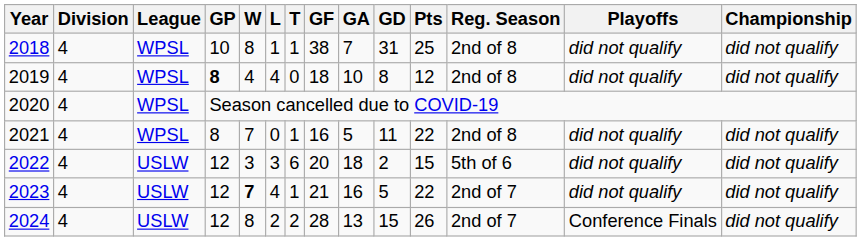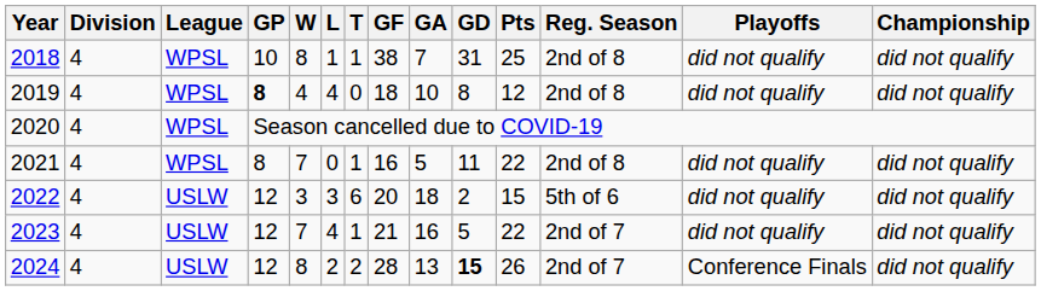 <table class="wikitable">
 <tr>
 <th>Year</th>
 <th>Division</th>
 <th>League</th>
 <th>GP</th>
 <th>W</th>
 <th>L</th>
 <th>T</th>
 <th>GF</th>
 <th>GA</th>
 <th>GD</th>
 <th>Pts</th>
 <th>Reg. Season</th>
 <th>Playoffs</th>
 <th>Championship</th>
 </tr>
 <tr>
 <td><a href='#'>2018</a></td>
 <td>4</td>
 <td><a href='#'>WPSL</a></td>
 <td>10</td>
 <td>8</td>
 <td>1</td>
 <td>1</td>
 <td>38</td>
 <td>7</td>
 <td>31</td>
 <td>25</td>
 <td>2nd of 8</td>
 <td><em>did not qualify</em></td>
 <td><em>did not qualify</em></td>
 </tr>
 <tr>
 <td>2019</td>
 <td>4</td>
 <td><a href='#'>WPSL</a></td>
 <td><strong>8</strong></td>
 <td>4</td>
 <td>4</td>
 <td>0</td>
 <td>18</td>
 <td>10</td>
 <td>8</td>
 <td>12</td>
 <td>2nd of 8</td>
 <td><em>did not qualify</em></td>
 <td><em>did not qualify</em></td>
 </tr>
 <tr>
 <td>2020</td>
 <td>4</td>
 <td><a href='#'>WPSL</a></td>
 <td colspan=11 style=align:center>Season cancelled due to <a href='#'>COVID-19</a></td>
 </tr>
 <tr>
 <td>2021</td>
 <td>4</td>
 <td><a href='#'>WPSL</a></td>
 <td>8</td>
 <td>7</td>
 <td>0</td>
 <td>1</td>
 <td>16</td>
 <td>5</td>
 <td>11</td>
 <td>22</td>
 <td>2nd of 8</td>
 <td><em>did not qualify</em></td>
 <td><em>did not qualify</em></td>
 </tr>
 <tr>
 <td><a href='#'>2022</a></td>
 <td>4</td>
 <td><a href='#'>USLW</a></td>
 <td>12</td>
 <td>3</td>
 <td>3</td>
 <td>6</td>
 <td>20</td>
 <td>18</td>
 <td>2</td>
 <td>15</td>
 <td>5th of 6</td>
 <td><em>did not qualify</em></td>
 <td><em>did not qualify</em></td>
 </tr>
 <tr>
 <td><a href='#'>2023</a></td>
 <td>4</td>
 <td><a href='#'>USLW</a></td>
 <td>12</td>
-<td><strong>7</strong></td>
+<td>7</td>
 <td>4</td>
 <td>1</td>
 <td>21</td>
 <td>16</td>
 <td>5</td>
 <td>22</td>
 <td>2nd of 7</td>
 <td><em>did not qualify</em></td>
 <td><em>did not qualify</em></td>
 </tr>
 <tr>
 <td><a href='#'>2024</a></td>
 <td>4</td>
 <td><a href='#'>USLW</a></td>
 <td>12</td>
 <td>8</td>
 <td>2</td>
 <td>2</td>
 <td>28</td>
 <td>13</td>
-<td>15</td>
+<td><strong>15</strong></td>
 <td>26</td>
 <td>2nd of 7</td>
 <td>Conference Finals</td>
 <td><em>did not qualify</em></td>
 </tr>
 </table>
